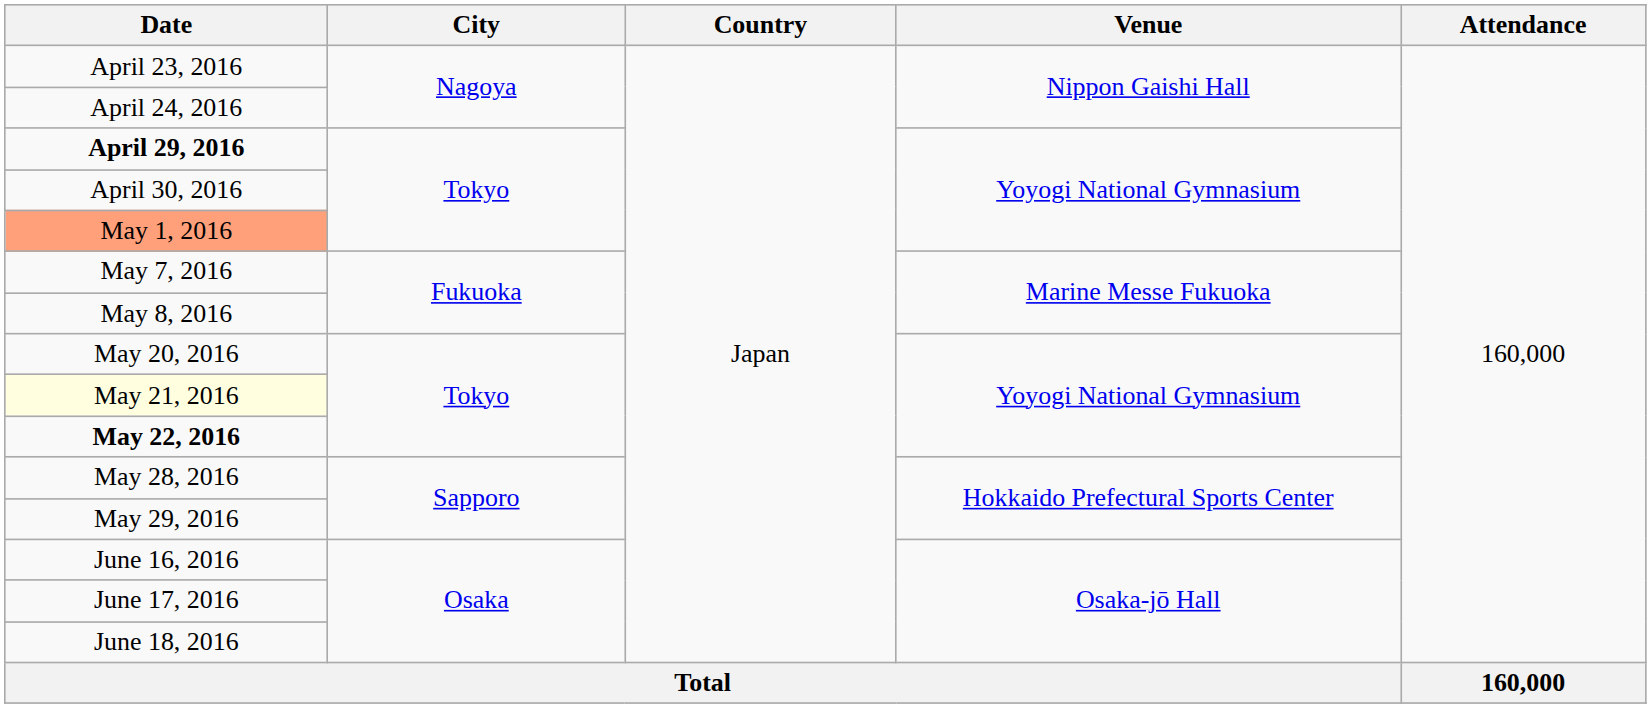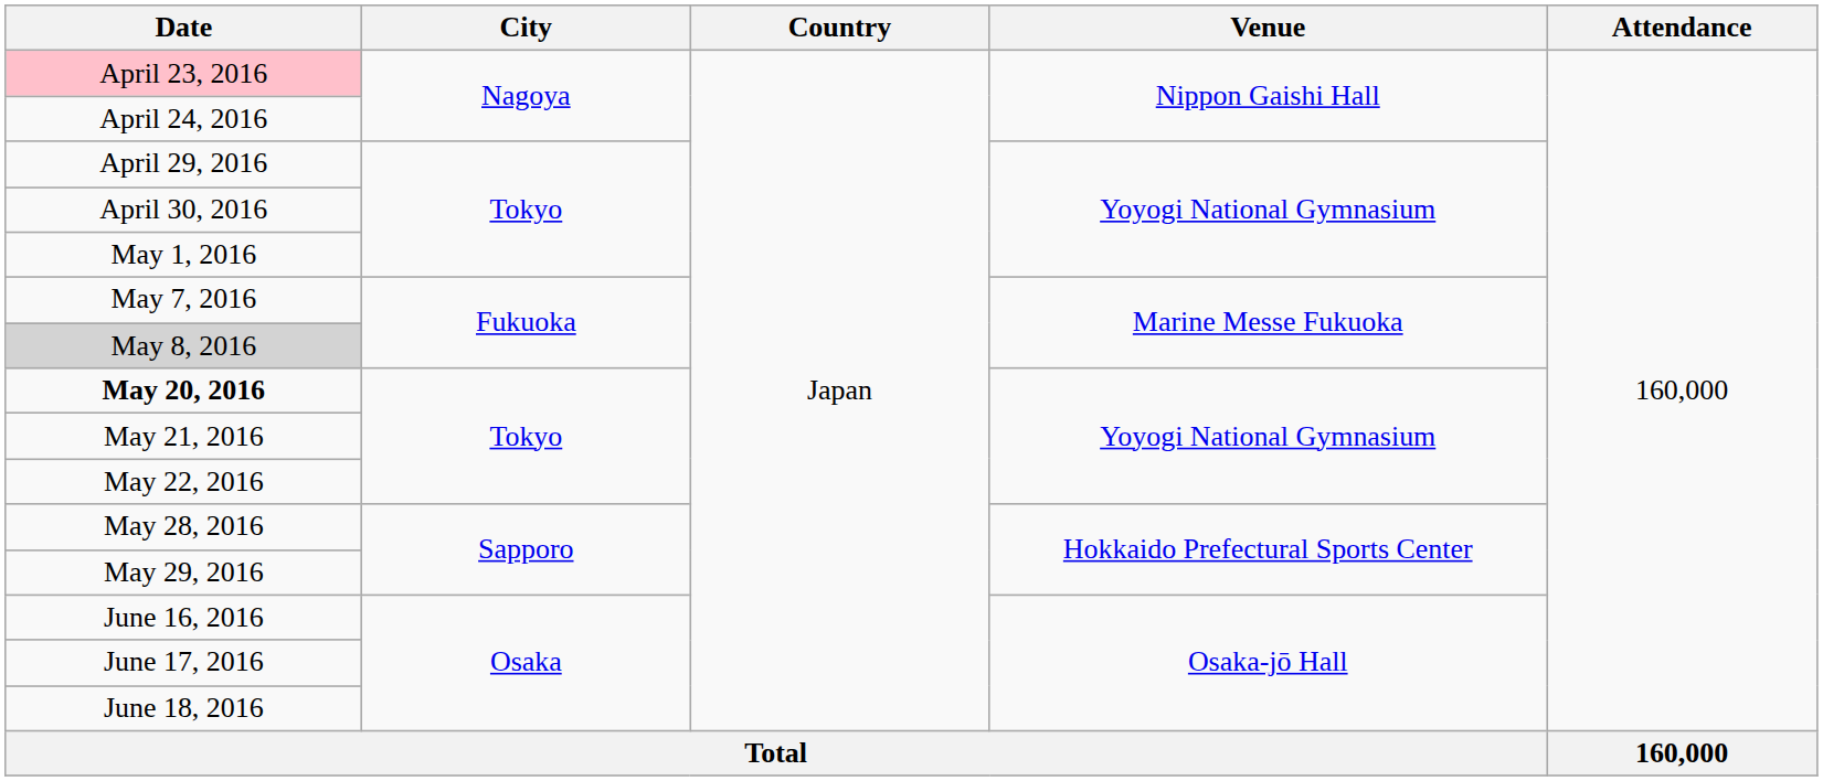 <table class="wikitable" style="text-align:center;">
 <tr>
 <th scope="col" style="width:12em;">Date</th>
 <th scope="col" style="width:11em;">City</th>
 <th scope="col" style="width:10em;">Country</th>
 <th scope="col" style="width:19em;">Venue</th>
 <th scope="col" style="width:9em;">Attendance</th>
 </tr>
 <tr>
-<td>April 23, 2016</td>
+<td style="background: pink;">April 23, 2016</td>
 <td rowspan="2"><a href='#'>Nagoya</a></td>
 <td rowspan="15">Japan</td>
 <td rowspan="2"><a href='#'>Nippon Gaishi Hall</a></td>
 <td rowspan="15">160,000</td>
 </tr>
 <tr>
 <td>April 24, 2016</td>
 </tr>
 <tr>
-<td><strong>April 29, 2016</strong></td>
+<td>April 29, 2016</td>
 <td rowspan="3"><a href='#'>Tokyo</a></td>
 <td rowspan="3"><a href='#'>Yoyogi National Gymnasium</a></td>
 </tr>
 <tr>
 <td>April 30, 2016</td>
 </tr>
 <tr>
-<td style="background: lightsalmon;">May 1, 2016</td>
+<td>May 1, 2016</td>
 </tr>
 <tr>
 <td>May 7, 2016</td>
 <td rowspan="2"><a href='#'>Fukuoka</a></td>
 <td rowspan="2"><a href='#'>Marine Messe Fukuoka</a></td>
 </tr>
 <tr>
-<td>May 8, 2016</td>
+<td style="background: lightgrey;">May 8, 2016</td>
 </tr>
 <tr>
-<td>May 20, 2016</td>
+<td><strong>May 20, 2016</strong></td>
 <td rowspan="3"><a href='#'>Tokyo</a></td>
 <td rowspan="3"><a href='#'>Yoyogi National Gymnasium</a></td>
 </tr>
 <tr>
-<td style="background: lightyellow;">May 21, 2016</td>
+<td>May 21, 2016</td>
 </tr>
 <tr>
-<td><strong>May 22, 2016</strong></td>
+<td>May 22, 2016</td>
 </tr>
 <tr>
 <td>May 28, 2016</td>
 <td rowspan="2"><a href='#'>Sapporo</a></td>
 <td rowspan="2"><a href='#'>Hokkaido Prefectural Sports Center</a></td>
 </tr>
 <tr>
 <td>May 29, 2016</td>
 </tr>
 <tr>
 <td>June 16, 2016</td>
 <td rowspan="3"><a href='#'>Osaka</a></td>
 <td rowspan="3"><a href='#'>Osaka-jō Hall</a></td>
 </tr>
 <tr>
 <td>June 17, 2016</td>
 </tr>
 <tr>
 <td>June 18, 2016</td>
 </tr>
 <tr>
 <th colspan="4">Total</th>
 <th>160,000</th>
 </tr>
 </table>
